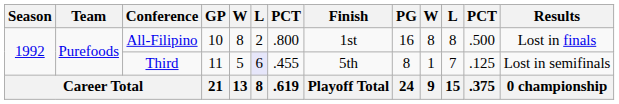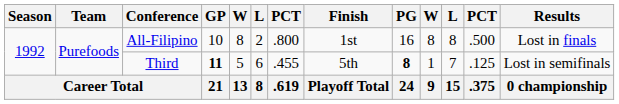 <table class="wikitable sortable" style="text-align:center">
 <tr>
 <th>Season</th>
 <th>Team</th>
 <th>Conference</th>
 <th>GP</th>
 <th>W</th>
 <th>L</th>
 <th>PCT</th>
 <th>Finish</th>
 <th>PG</th>
 <th>W</th>
 <th>L</th>
 <th>PCT</th>
 <th>Results</th>
 </tr>
 <tr>
 <td rowspan="2"><a href='#'>1992</a></td>
 <td rowspan="2"><a href='#'>Purefoods</a></td>
 <td><a href='#'>All-Filipino</a></td>
 <td>10</td>
 <td>8</td>
 <td>2</td>
 <td>.800</td>
 <td>1st</td>
 <td>16</td>
 <td>8</td>
 <td>8</td>
 <td>.500</td>
 <td>Lost in <a href='#'>finals</a></td>
 </tr>
 <tr>
 <td><a href='#'>Third</a></td>
-<td>11</td>
+<td><strong>11</strong></td>
 <td>5</td>
-<td style="background: lavender;">6</td>
+<td>6</td>
 <td>.455</td>
 <td>5th</td>
-<td>8</td>
+<td><strong>8</strong></td>
 <td>1</td>
 <td>7</td>
 <td>.125</td>
 <td>Lost in semifinals</td>
 </tr>
 <tr>
 <th colspan="3"><strong>Career Total</strong></th>
 <th><strong>21</strong></th>
 <th><strong>13</strong></th>
 <th><strong>8</strong></th>
 <th>.619</th>
 <th>Playoff Total</th>
 <th>24</th>
 <th>9</th>
 <th>15</th>
 <th>.375</th>
 <th><strong>0 championship</strong></th>
 </tr>
 </table>
